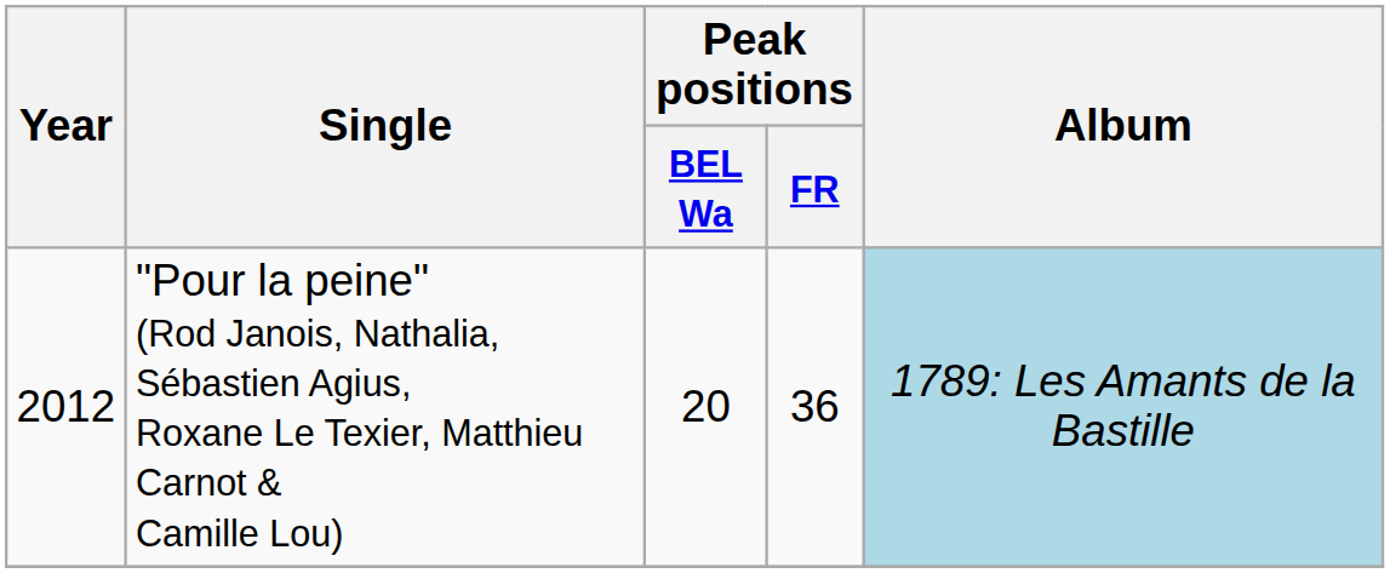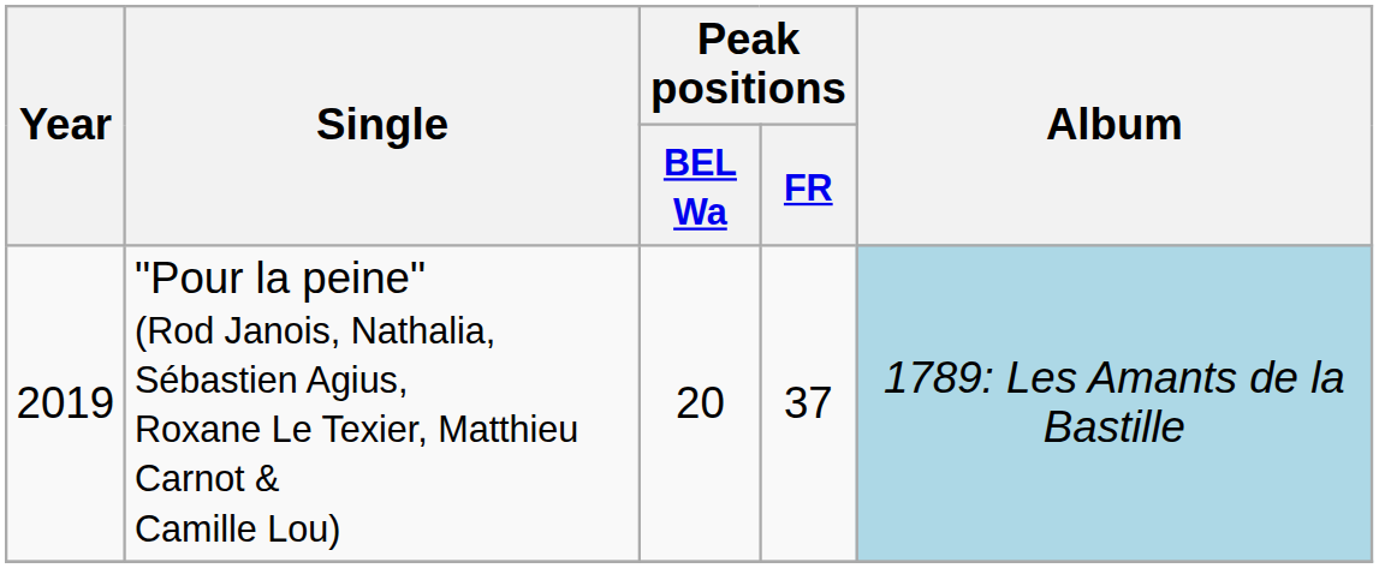 <table class="wikitable">
 <tr>
 <th align="center" rowspan="2" width="10">Year</th>
 <th align="center" rowspan="2" width="180">Single</th>
 <th align="center" colspan="2">Peak positions</th>
 <th align="center" rowspan="2" width="180">Album</th>
 </tr>
 <tr>
 <th width="20"><small><a href='#'>BEL <br>Wa</a></small><br></th>
 <th width="20"><small><a href='#'>FR</a></small><br></th>
 </tr>
 <tr>
-<td align="center" rowspan="1">2012</td>
+<td align="center" rowspan="1">2019</td>
 <td>"Pour la peine"<br><small>(Rod Janois, Nathalia, Sébastien Agius, <br>Roxane Le Texier, Matthieu Carnot & <br>Camille Lou)</small></td>
 <td align="center">20</td>
-<td align="center">36</td>
+<td align="center">37</td>
 <td align="center" rowspan=1 style="background: lightblue;"><em>1789: Les Amants de la Bastille</em></td>
 </tr>
 <tr>
 </tr>
 </table>
